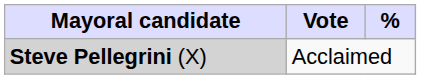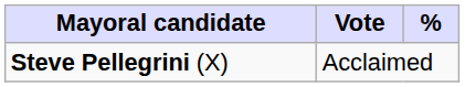 <table class="wikitable">
 <tr>
 <th style="background:#ddf; width:200px;">Mayoral candidate</th>
 <th style="background:#ddf; width:50px;">Vote</th>
 <th style="background:#ddf; width:30px;">%</th>
 </tr>
 <tr>
-<td style="background: lightgrey;"><strong>Steve Pellegrini</strong> (X)</td>
+<td><strong>Steve Pellegrini</strong> (X)</td>
 <td colspan="2">Acclaimed</td>
 </tr>
 </table>
